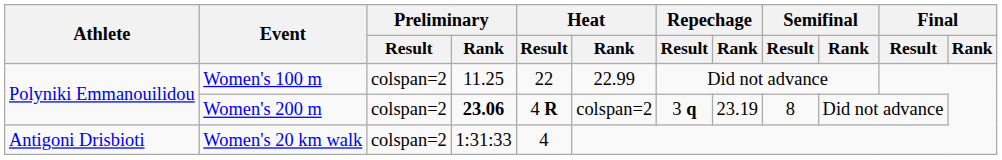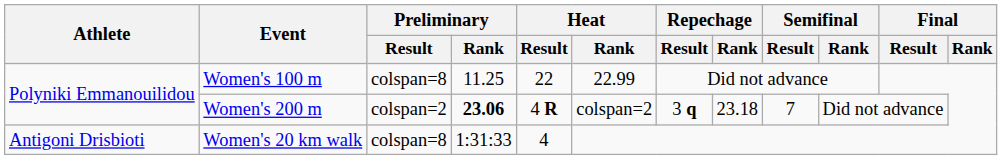 <table class="wikitable" style="font-size:90%">
 <tr>
 <th rowspan="2">Athlete</th>
 <th rowspan="2">Event</th>
 <th colspan="2">Preliminary</th>
 <th colspan="2">Heat</th>
 <th colspan="2">Repechage</th>
 <th colspan="2">Semifinal</th>
 <th colspan="2">Final</th>
 </tr>
 <tr style="font-size:95%">
 <th>Result</th>
 <th>Rank</th>
 <th>Result</th>
 <th>Rank</th>
 <th>Result</th>
 <th>Rank</th>
 <th>Result</th>
 <th>Rank</th>
 <th>Result</th>
 <th>Rank</th>
 </tr>
 <tr align=center>
 <td align=left rowspan=2><a href='#'>Polyniki Emmanouilidou</a></td>
 <td align=left><a href='#'>Women's 100 m</a></td>
-<td>colspan=2 </td>
+<td>colspan=8 </td>
 <td>11.25</td>
 <td>22</td>
 <td>22.99</td>
 <td colspan=4>Did not advance</td>
 </tr>
 <tr align=center>
 <td align=left><a href='#'>Women's 200 m</a></td>
 <td>colspan=2 </td>
 <td><strong>23.06</strong></td>
 <td>4 <strong>R</strong></td>
 <td>colspan=2 </td>
 <td>3 <strong>q</strong></td>
-<td>23.19</td>
-<td>8</td>
+<td>23.18</td>
+<td>7</td>
 <td colspan=2>Did not advance</td>
 </tr>
 <tr align=center>
 <td align=left><a href='#'>Antigoni Drisbioti</a></td>
 <td align=left><a href='#'>Women's 20 km walk</a></td>
-<td>colspan=2 </td>
+<td>colspan=8 </td>
 <td>1:31:33</td>
 <td>4</td>
 </tr>
 </table>
